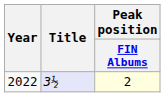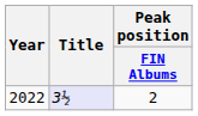 <table class="wikitable">
 <tr>
 <th align="center" rowspan="2" width="10">Year</th>
 <th align="center" rowspan="2" width="50">Title</th>
 <th align="center" colspan="1" width="20">Peak position</th>
 </tr>
 <tr>
 <th scope="col" style="width:3em;font-size:90%;"><a href='#'>FIN<br>Albums</a></th>
 </tr>
 <tr>
 <td style="text-align:center;">2022</td>
 <td style="background: lavender;"><em>3½</em></td>
-<td style="background: lightyellow; text-align:center;">2</td>
+<td style="text-align:center;">2</td>
 </tr>
 </table>
